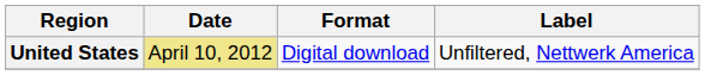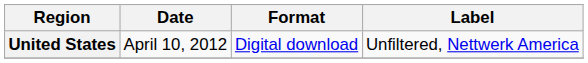 <table class="wikitable plainrowheaders">
 <tr>
 <th scope="col">Region</th>
 <th scope="col">Date</th>
 <th scope="col">Format</th>
 <th scope="col">Label</th>
 </tr>
 <tr>
 <th scope="row">United States</th>
-<td style="background: khaki;">April 10, 2012</td>
+<td>April 10, 2012</td>
 <td><a href='#'>Digital download</a></td>
 <td>Unfiltered, <a href='#'>Nettwerk America</a></td>
 </tr>
 <tr>
 </tr>
 </table>
